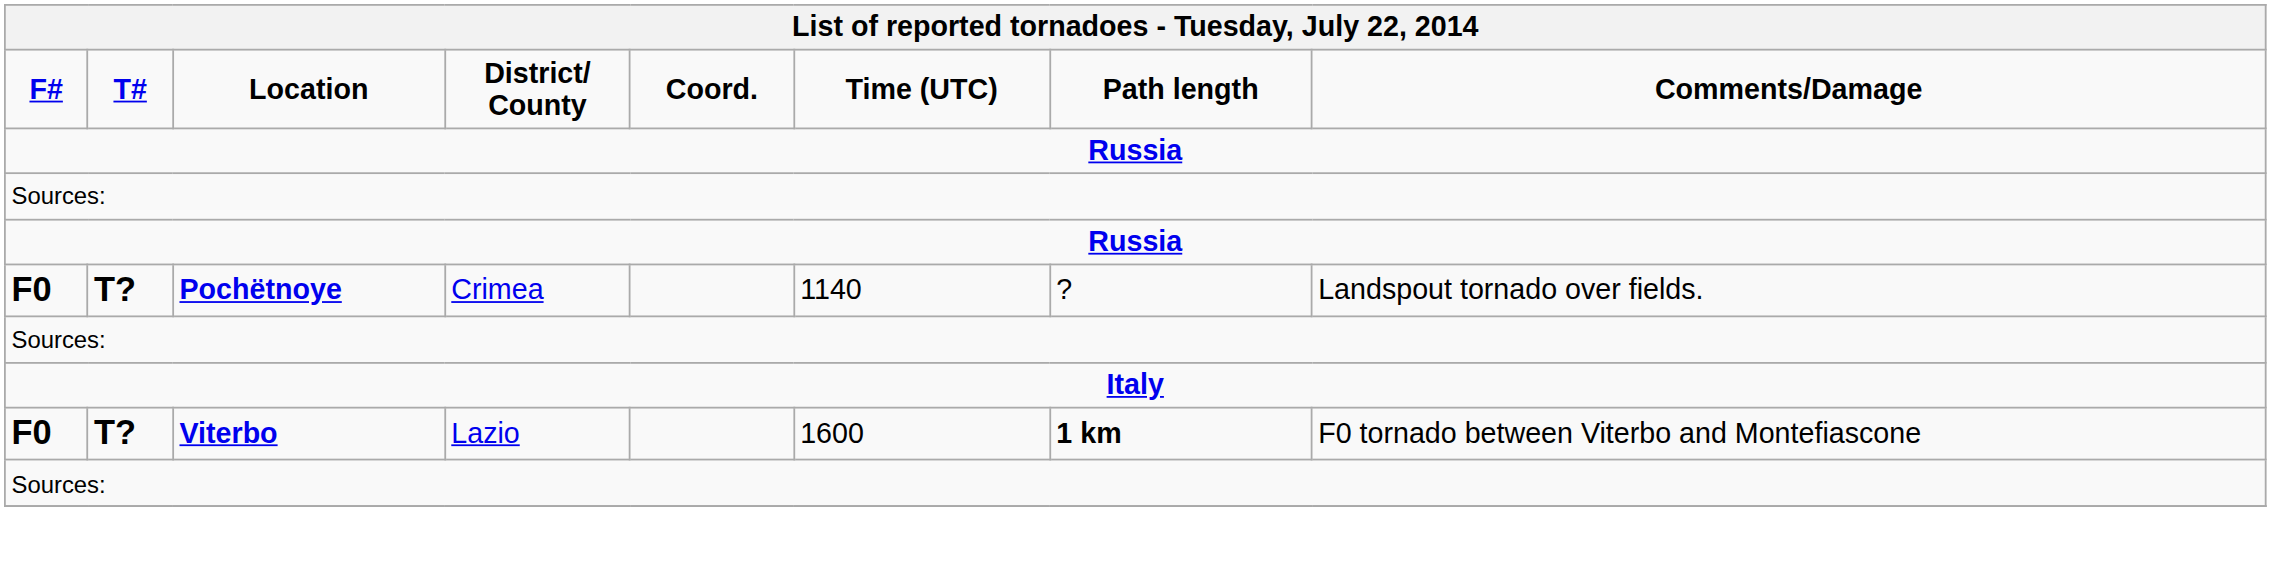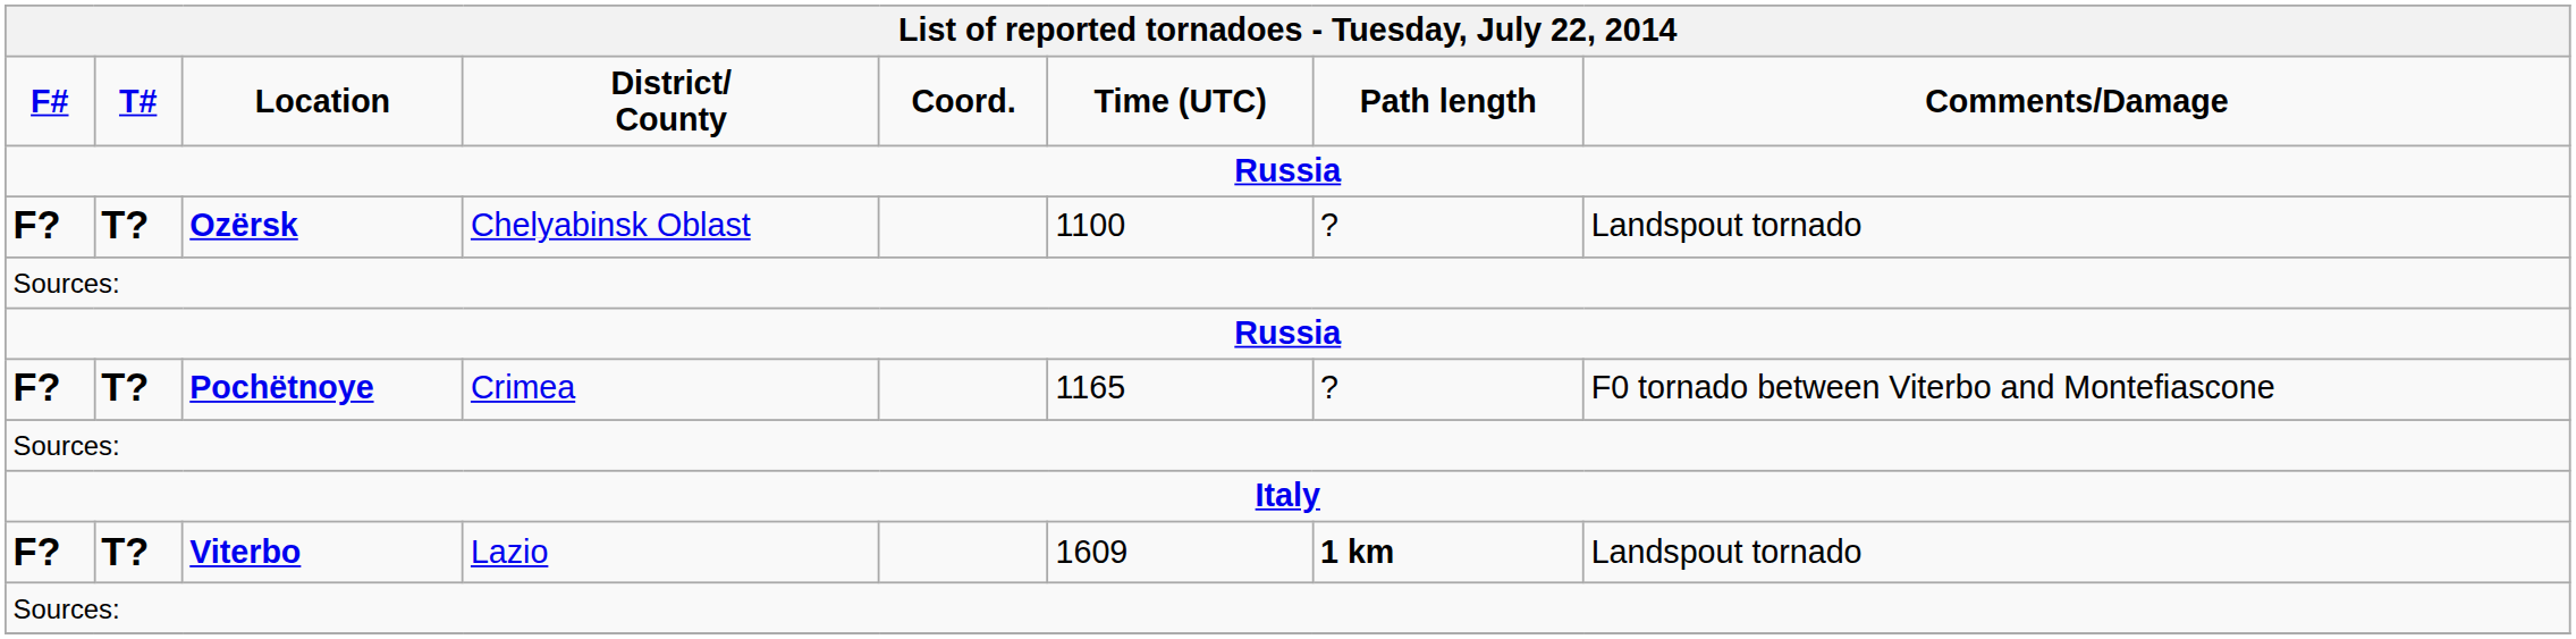 <table class="wikitable collapsible" width="100%">
 <tr>
 <th colspan="8">List of reported tornadoes - Tuesday, July 22, 2014</th>
 </tr>
 <tr>
 <td style="text-align: center;"><strong><a href='#'>F#</a></strong></td>
 <td style="text-align: center;"><strong><a href='#'>T#</a></strong></td>
 <td style="text-align: center;"><strong>Location</strong></td>
 <td style="text-align: center;"><strong>District/<br>County</strong></td>
 <td style="text-align: center;"><strong>Coord.</strong></td>
 <td style="text-align: center;"><strong>Time (UTC)</strong></td>
 <td style="text-align: center;"><strong>Path length</strong></td>
 <td style="text-align: center;"><strong>Comments/Damage</strong></td>
 </tr>
 <tr>
 <td colspan="8" align=center><strong><a href='#'>Russia</a></strong></td>
 </tr>
 <tr>
+<td><big><strong>F?</strong></big></td>
+<td><big><strong>T?</strong></big></td>
+<td><strong><a href='#'>Ozërsk</a></strong></td>
+<td><a href='#'>Chelyabinsk Oblast</a></td>
+<td></td>
+<td>1100</td>
+<td>?</td>
+<td>Landspout tornado</td>
+</tr>
+<tr>
 <td colspan="8"><small>Sources:</small></td>
 </tr>
 <tr>
 <td colspan="8" align=center><strong><a href='#'>Russia</a></strong></td>
 </tr>
 <tr>
-<td><big><strong>F0</strong></big></td>
+<td><big><strong>F?</strong></big></td>
 <td><big><strong>T?</strong></big></td>
 <td><strong><a href='#'>Pochëtnoye</a></strong></td>
 <td><a href='#'>Crimea</a></td>
 <td></td>
-<td>1140</td>
+<td>1165</td>
 <td>?</td>
-<td>Landspout tornado over fields.</td>
+<td>F0 tornado between Viterbo and Montefiascone</td>
 </tr>
 <tr>
 <td colspan="8"><small>Sources:</small></td>
 </tr>
 <tr>
 <td colspan="8" align=center><strong><a href='#'>Italy</a></strong></td>
 </tr>
 <tr>
-<td><big><strong>F0</strong></big></td>
+<td><big><strong>F?</strong></big></td>
 <td><big><strong>T?</strong></big></td>
 <td><strong><a href='#'>Viterbo</a></strong></td>
 <td><a href='#'>Lazio</a></td>
 <td></td>
-<td>1600</td>
+<td>1609</td>
 <td><strong>1 km</strong></td>
-<td>F0 tornado between Viterbo and Montefiascone</td>
+<td>Landspout tornado</td>
 </tr>
 <tr>
 <td colspan="8"><small>Sources:</small></td>
 </tr>
 <tr>
 </tr>
 </table>
